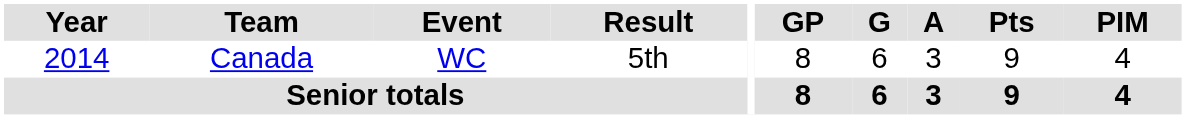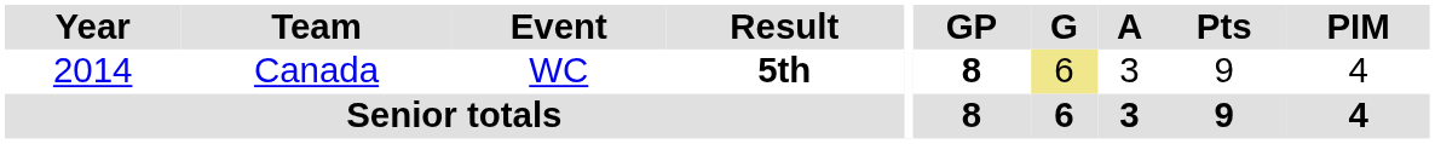 <table border="0" cellpadding="1" cellspacing="0" ID="Table3" style="text-align:center; width:40em;">
 <tr ALIGN="centre" bgcolor="#e0e0e0">
 <th>Year</th>
 <th>Team</th>
 <th>Event</th>
 <th>Result</th>
 <th rowspan="99" bgcolor="#ffffff"></th>
 <th>GP</th>
 <th>G</th>
 <th>A</th>
 <th>Pts</th>
 <th>PIM</th>
 </tr>
 <tr>
 <td><a href='#'>2014</a></td>
 <td><a href='#'>Canada</a></td>
 <td><a href='#'>WC</a></td>
-<td>5th</td>
-<td>8</td>
-<td>6</td>
+<td><strong>5th</strong></td>
+<td><strong>8</strong></td>
+<td style="background: khaki;">6</td>
 <td>3</td>
 <td>9</td>
 <td>4</td>
 </tr>
 <tr bgcolor="#e0e0e0">
 <th colspan="4">Senior totals</th>
 <th>8</th>
 <th>6</th>
 <th>3</th>
 <th>9</th>
 <th>4</th>
 </tr>
 </table>
